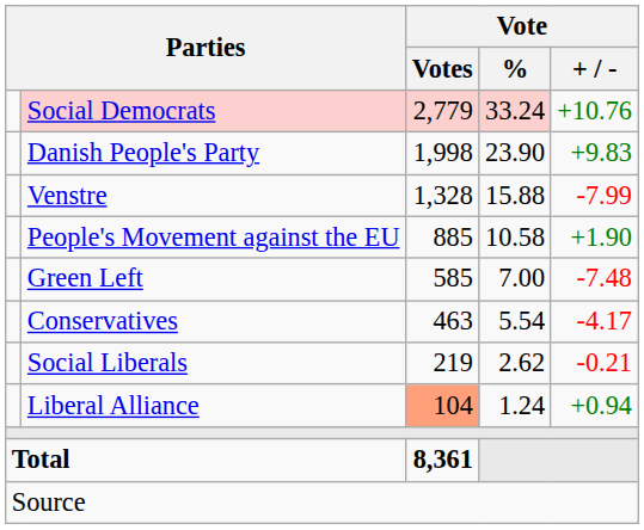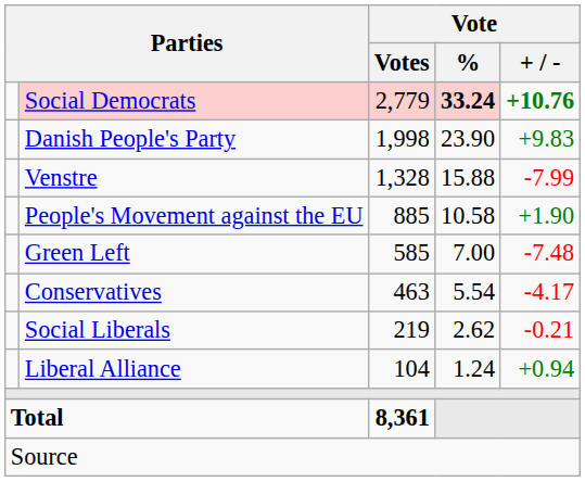 <table class="wikitable" style="text-align:right;">
 <tr>
 <th style="text-align:centre;" rowspan="2" colspan="2" width="225">Parties</th>
 <th colspan="3">Vote</th>
 </tr>
 <tr>
 <th width="15">Votes</th>
 <th width="15">%</th>
 <th width="15">+ / -</th>
 </tr>
 <tr>
 <td width="2" style="color:inherit;background:"></td>
 <td bgcolor=#fbd0ce   align="left"><a href='#'>Social Democrats</a></td>
 <td bgcolor=#fbd0ce>2,779</td>
-<td bgcolor=#fbd0ce>33.24</td>
-<td style=color:green;>+10.76</td>
+<td bgcolor=#fbd0ce><strong>33.24</strong></td>
+<td style=color:green;><strong>+10.76</strong></td>
 </tr>
 <tr>
 <td width="2" style="color:inherit;background:"></td>
 <td align="left"><a href='#'>Danish People's Party</a></td>
 <td>1,998</td>
 <td>23.90</td>
 <td style=color:green;>+9.83</td>
 </tr>
 <tr>
 <td width="2" style="color:inherit;background:"></td>
 <td align="left"><a href='#'>Venstre</a></td>
 <td>1,328</td>
 <td>15.88</td>
 <td style=color:red;>-7.99</td>
 </tr>
 <tr>
 <td width="2" style="color:inherit;background:"></td>
 <td align="left"><a href='#'>People's Movement against the EU</a></td>
 <td>885</td>
 <td>10.58</td>
 <td style=color:green;>+1.90</td>
 </tr>
 <tr>
 <td width="2" style="color:inherit;background:"></td>
 <td align="left"><a href='#'>Green Left</a></td>
 <td>585</td>
 <td>7.00</td>
 <td style=color:red;>-7.48</td>
 </tr>
 <tr>
 <td width="2" style="color:inherit;background:"></td>
 <td align="left"><a href='#'>Conservatives</a></td>
 <td>463</td>
 <td>5.54</td>
 <td style=color:red;>-4.17</td>
 </tr>
 <tr>
 <td width="2" style="color:inherit;background:"></td>
 <td align="left"><a href='#'>Social Liberals</a></td>
 <td>219</td>
 <td>2.62</td>
 <td style=color:red;>-0.21</td>
 </tr>
 <tr>
 <td width="2" style="color:inherit;background:"></td>
 <td align="left"><a href='#'>Liberal Alliance</a></td>
-<td style="background: lightsalmon;">104</td>
+<td>104</td>
 <td>1.24</td>
 <td style=color:green;>+0.94</td>
 </tr>
 <tr>
 <td colspan="7" bgcolor="#E9E9E9"></td>
 </tr>
 <tr>
 <td align="left" colspan="2"><strong>Total</strong></td>
 <td><strong>8,361</strong></td>
 <td bgcolor="#E9E9E9" colspan="2"></td>
 </tr>
 <tr>
 <td align="left" colspan="6">Source</td>
 </tr>
 </table>
